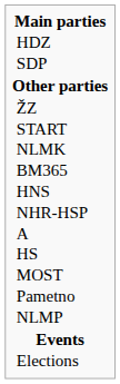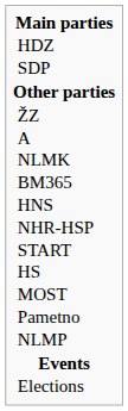 <table style="float; margin-left: 1em; margin-bottom: 0.5em" class="infobox">
 <tr>
 <td style="text-align: center"><span><strong>Main parties</strong></span></td>
 </tr>
 <tr>
 <td style="padding: 0 5px;"> HDZ</td>
 </tr>
 <tr>
 <td style="padding: 0 5px;"> SDP</td>
 </tr>
 <tr>
 <td style="text-align: center"><span><strong>Other parties</strong></span></td>
 </tr>
 <tr>
 <td style="padding: 0 5px;"> ŽZ</td>
 </tr>
 <tr>
-<td style="padding: 0 5px;"> START</td>
+<td style="padding: 0 5px;"> A</td>
 </tr>
 <tr>
 <td style="padding: 0 5px;"> NLMK</td>
 </tr>
 <tr>
 <td style="padding: 0 5px;"> BM365</td>
 </tr>
 <tr>
 <td style="padding: 0 5px;"> HNS</td>
 </tr>
 <tr>
 <td style="padding: 0 5px;"> NHR-HSP</td>
 </tr>
 <tr>
-<td style="padding: 0 5px;"> A</td>
+<td style="padding: 0 5px;"> START</td>
 </tr>
 <tr>
 <td style="padding: 0 5px;"> HS</td>
 </tr>
 <tr>
 <td style="padding: 0 5px;"> MOST</td>
 </tr>
 <tr>
 <td style="padding: 0 5px;"> Pametno</td>
 </tr>
 <tr>
 <td style="padding: 0 5px;"> NLMP</td>
 </tr>
 <tr>
 <td style="text-align: center"><span><strong>Events</strong></span></td>
 </tr>
 <tr>
 <td style="padding: 0 5px;"> Elections</td>
 </tr>
 <tr>
 </tr>
 </table>
